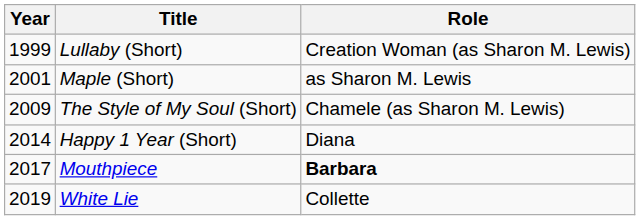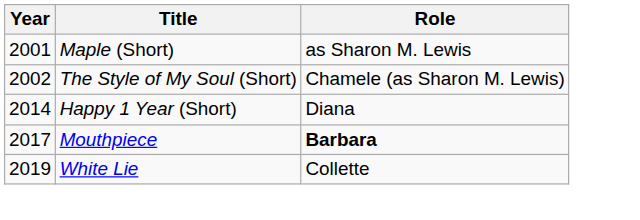 <table class="wikitable sortable">
 <tr>
 <th>Year</th>
 <th>Title</th>
 <th>Role</th>
 </tr>
 <tr>
-<td>1999</td>
-<td><em>Lullaby</em> (Short)</td>
-<td>Creation Woman (as Sharon M. Lewis)</td>
-</tr>
-<tr>
 <td>2001</td>
 <td><em>Maple</em> (Short)</td>
 <td>as Sharon M. Lewis</td>
 </tr>
 <tr>
-<td>2009</td>
+<td>2002</td>
 <td><em>The Style of My Soul</em> (Short)</td>
 <td>Chamele (as Sharon M. Lewis)</td>
 </tr>
 <tr>
 <td>2014</td>
 <td><em>Happy 1 Year</em> (Short)</td>
 <td>Diana</td>
 </tr>
 <tr>
 <td>2017</td>
 <td><em><a href='#'>Mouthpiece</a></em></td>
 <td><strong>Barbara</strong></td>
 </tr>
 <tr>
 <td>2019</td>
 <td><em><a href='#'>White Lie</a></em></td>
 <td>Collette</td>
 </tr>
 </table>
